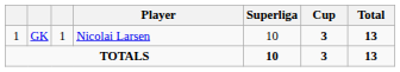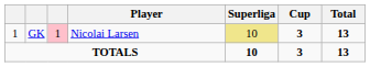 <table class="wikitable sortable" style="font-size: 95%; text-align: center;">
 <tr>
 <th width=20></th>
 <th width=20></th>
 <th width=20></th>
 <th width=200>Player</th>
 <th width=50>Superliga</th>
 <th width=50>Cup</th>
 <th width=50>Total</th>
 </tr>
 <tr>
 <td rowspan=1>1</td>
 <td><a href='#'>GK</a></td>
-<td>1</td>
+<td style="background: pink;">1</td>
 <td align=left> <a href='#'>Nicolai Larsen</a></td>
-<td>10</td>
+<td style="background: khaki;">10</td>
 <td><strong>3</strong></td>
 <td><strong>13</strong></td>
 </tr>
 <tr>
 <td colspan="4"><strong>TOTALS</strong></td>
 <td><strong>10</strong></td>
 <td><strong>3</strong></td>
 <td><strong>13</strong></td>
 </tr>
 </table>
